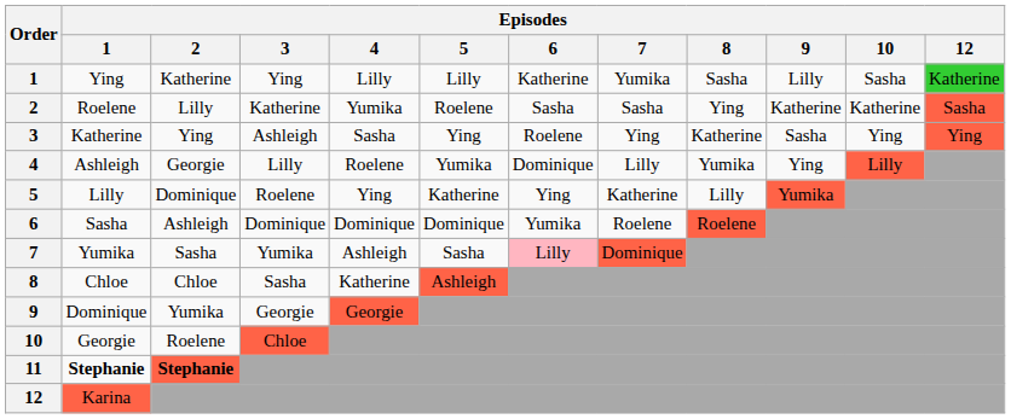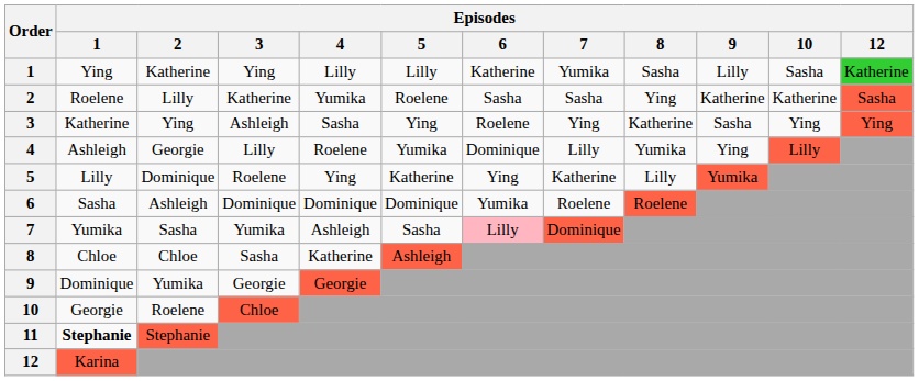 <table class="wikitable" style="text-align:center; font-size:92%">
 <tr>
 <th rowspan=2>Order</th>
 <th colspan=11>Episodes</th>
 </tr>
 <tr>
 <th>1</th>
 <th>2</th>
 <th>3</th>
 <th>4</th>
 <th>5</th>
 <th>6</th>
 <th>7</th>
 <th>8</th>
 <th>9</th>
 <th>10</th>
 <th>12</th>
 </tr>
 <tr>
 <th>1</th>
 <td>Ying</td>
 <td>Katherine</td>
 <td>Ying</td>
 <td>Lilly</td>
 <td>Lilly</td>
 <td>Katherine</td>
 <td>Yumika</td>
 <td>Sasha</td>
 <td>Lilly</td>
 <td>Sasha</td>
 <td style="background:limegreen;">Katherine</td>
 </tr>
 <tr>
 <th>2</th>
 <td>Roelene</td>
 <td>Lilly</td>
 <td>Katherine</td>
 <td>Yumika</td>
 <td>Roelene</td>
 <td>Sasha</td>
 <td>Sasha</td>
 <td>Ying</td>
 <td>Katherine</td>
 <td>Katherine</td>
 <td style="background:tomato;">Sasha</td>
 </tr>
 <tr>
 <th>3</th>
 <td>Katherine</td>
 <td>Ying</td>
 <td>Ashleigh</td>
 <td>Sasha</td>
 <td>Ying</td>
 <td>Roelene</td>
 <td>Ying</td>
 <td>Katherine</td>
 <td>Sasha</td>
 <td>Ying</td>
 <td style="background:tomato;">Ying</td>
 </tr>
 <tr>
 <th>4</th>
 <td>Ashleigh</td>
 <td>Georgie</td>
 <td>Lilly</td>
 <td>Roelene</td>
 <td>Yumika</td>
 <td>Dominique</td>
 <td>Lilly</td>
 <td>Yumika</td>
 <td>Ying</td>
 <td style="background:tomato;">Lilly</td>
 <td colspan="1" style="background:darkgrey;"></td>
 </tr>
 <tr>
 <th>5</th>
 <td>Lilly</td>
 <td>Dominique</td>
 <td>Roelene</td>
 <td>Ying</td>
 <td>Katherine</td>
 <td>Ying</td>
 <td>Katherine</td>
 <td>Lilly</td>
 <td style="background:tomato;">Yumika</td>
 <td colspan="2" style="background:darkgrey;"></td>
 </tr>
 <tr>
 <th>6</th>
 <td>Sasha</td>
 <td>Ashleigh</td>
 <td>Dominique</td>
 <td>Dominique</td>
 <td>Dominique</td>
 <td>Yumika</td>
 <td>Roelene</td>
 <td style="background:tomato;">Roelene</td>
 <td colspan="3" style="background:darkgrey;"></td>
 </tr>
 <tr>
 <th>7</th>
 <td>Yumika</td>
 <td>Sasha</td>
 <td>Yumika</td>
 <td>Ashleigh</td>
 <td>Sasha</td>
 <td bgcolor="lightpink">Lilly</td>
 <td style="background:tomato;">Dominique</td>
 <td colspan="4" style="background:darkgrey;"></td>
 </tr>
 <tr>
 <th>8</th>
 <td>Chloe</td>
 <td>Chloe</td>
 <td>Sasha</td>
 <td>Katherine</td>
 <td style="background:tomato;">Ashleigh</td>
 <td colspan="6" style="background:darkgrey;"></td>
 </tr>
 <tr>
 <th>9</th>
 <td>Dominique</td>
 <td>Yumika</td>
 <td>Georgie</td>
 <td style="background:tomato;">Georgie</td>
 <td colspan="7" style="background:darkgrey;"></td>
 </tr>
 <tr>
 <th>10</th>
 <td>Georgie</td>
 <td>Roelene</td>
 <td style="background:tomato;">Chloe</td>
 <td colspan="8" style="background:darkgrey;"></td>
 </tr>
 <tr>
 <th>11</th>
 <td><strong>Stephanie</strong></td>
-<td style="background:tomato;"><strong>Stephanie</strong></td>
+<td style="background:tomato;">Stephanie</td>
 <td colspan="9" style="background:darkgrey;"></td>
 </tr>
 <tr>
 <th>12</th>
 <td style="background:tomato;">Karina</td>
 <td colspan="10" style="background:darkgrey;"></td>
 </tr>
 </table>
